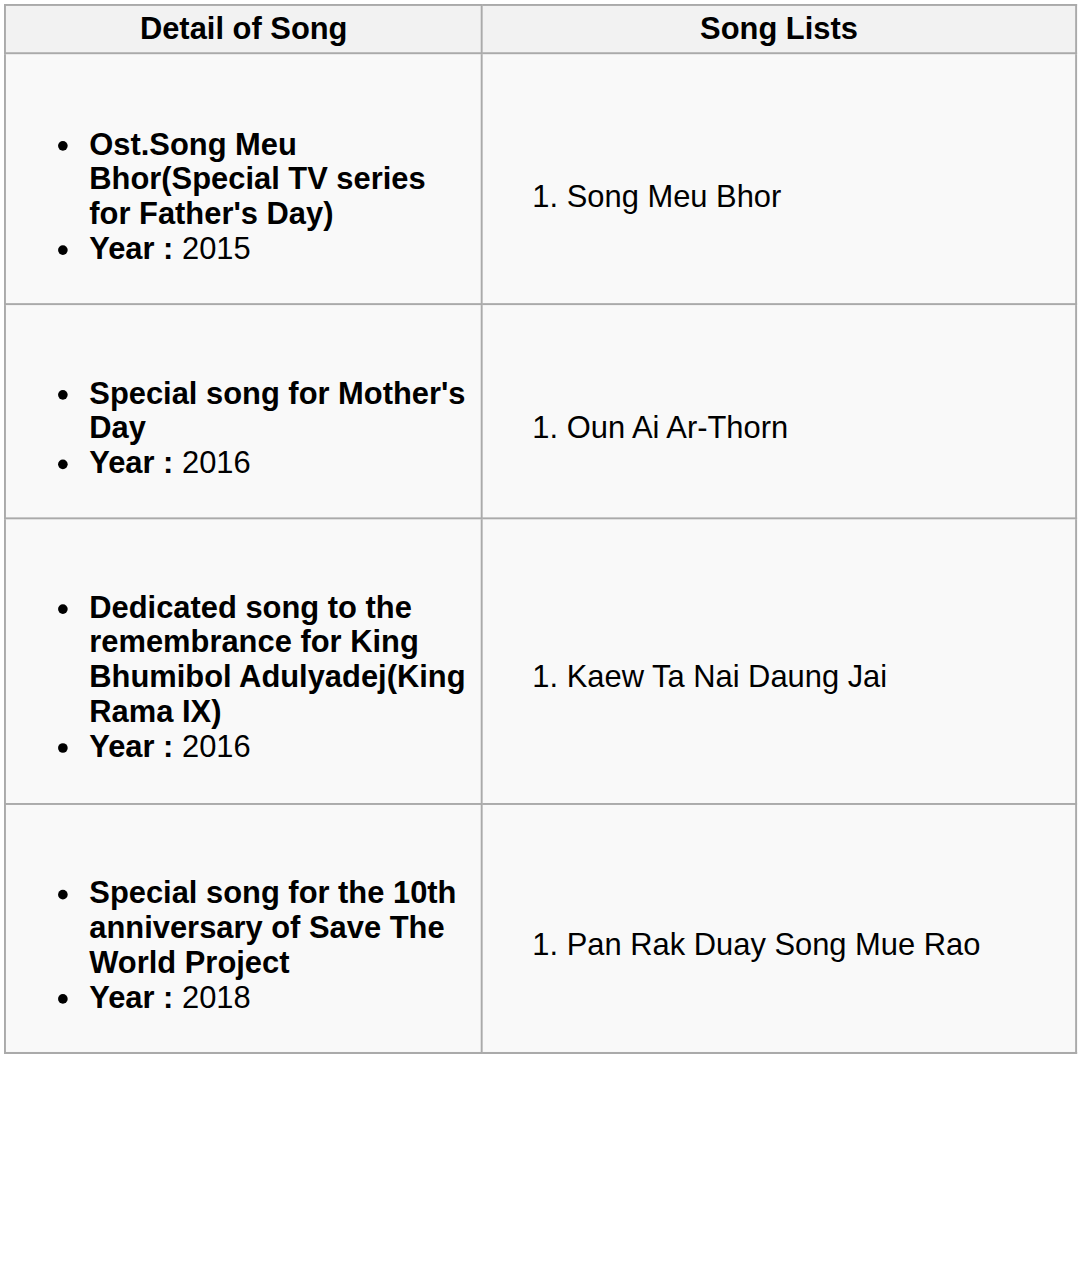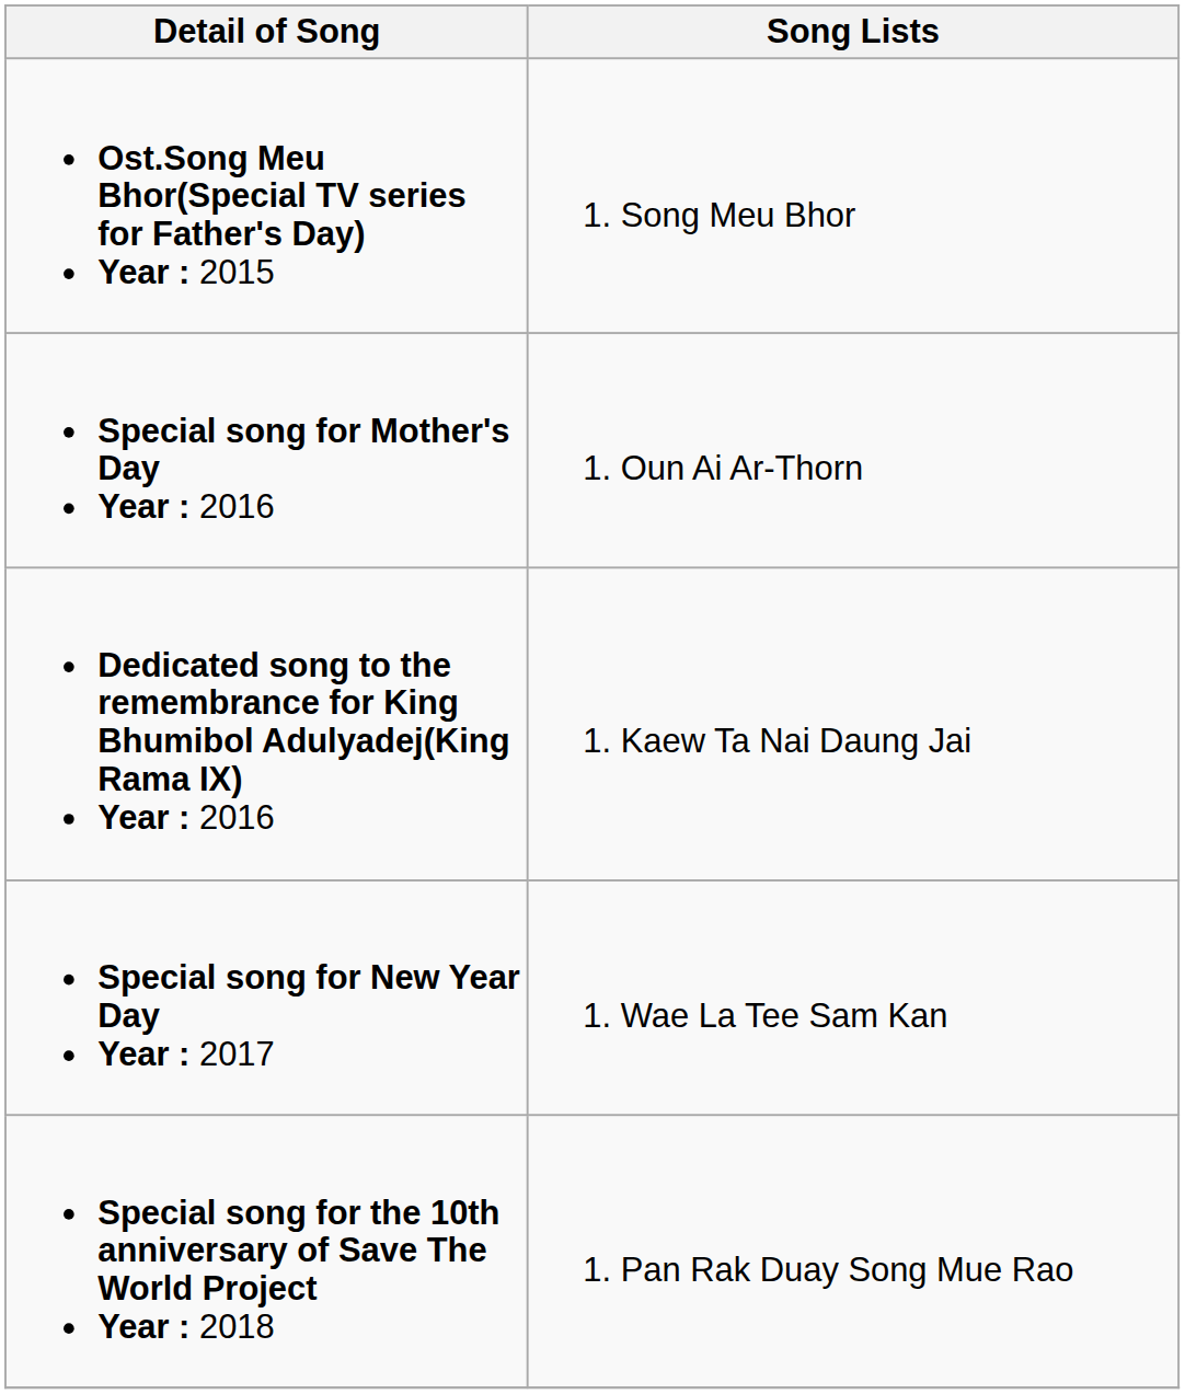 <table class="wikitable">
 <tr>
 <th align="center" width="240px">Detail of Song</th>
 <th align="center" width="300px">Song Lists</th>
 </tr>
 <tr>
 <td align = "left"><br><ul><li><strong>Ost.Song Meu Bhor(Special TV series for Father's Day)</strong></li><li><strong>Year :</strong> 2015</li></ul></td>
 <td><br><ol><li>Song Meu Bhor</li></ol></td>
 </tr>
 <tr>
 <td align = "left"><br><ul><li><strong>Special song for Mother's Day</strong></li><li><strong>Year :</strong> 2016</li></ul></td>
 <td><br><ol><li>Oun Ai Ar-Thorn</li></ol></td>
 </tr>
 <tr>
 <td align = "left"><br><ul><li><strong>Dedicated song to the remembrance for King Bhumibol Adulyadej(King Rama IX)</strong></li><li><strong>Year :</strong> 2016</li></ul></td>
 <td><br><ol><li>Kaew Ta Nai Daung Jai</li></ol></td>
 </tr>
 <tr>
+<td align = "left"><br><ul><li><strong>Special song for New Year Day</strong></li><li><strong>Year :</strong> 2017</li></ul></td>
+<td><br><ol><li>Wae La Tee Sam Kan</li></ol></td>
+</tr>
+<tr>
 <td align = "left"><br><ul><li><strong>Special song for the 10th anniversary of Save The World Project</strong></li><li><strong>Year :</strong> 2018</li></ul></td>
 <td><br><ol><li>Pan Rak Duay Song Mue Rao</li></ol></td>
 </tr>
 <tr>
 </tr>
 </table>
